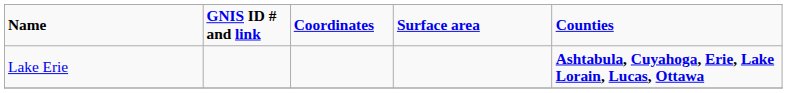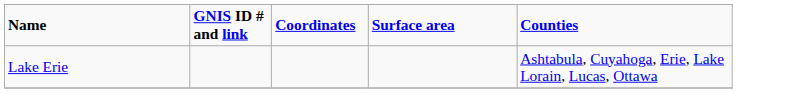 <table class="wikitable">
 <tr>
 <td width="25%"><strong>Name</strong><br></td>
 <td width="11%"><strong><a href='#'>GNIS</a> ID #<br>and <a href='#'>link</a></strong><br></td>
 <td width="13%"><strong><a href='#'>Coordinates</a></strong><br></td>
 <td width="20%"><strong><a href='#'>Surface area</a></strong><br></td>
 <td width="29%"><strong><a href='#'>Counties</a></strong><br></td>
 </tr>
 <tr>
 <td><a href='#'>Lake Erie</a></td>
 <td></td>
 <td></td>
 <td></td>
-<td><strong><a href='#'>Ashtabula</a>, <a href='#'>Cuyahoga</a>, <a href='#'>Erie</a>, <a href='#'>Lake</a><br><a href='#'>Lorain</a>, <a href='#'>Lucas</a>, <a href='#'>Ottawa</a></strong></td>
+<td><a href='#'>Ashtabula</a>, <a href='#'>Cuyahoga</a>, <a href='#'>Erie</a>, <a href='#'>Lake</a><br><a href='#'>Lorain</a>, <a href='#'>Lucas</a>, <a href='#'>Ottawa</a></td>
 </tr>
 <tr>
 </tr>
 </table>
